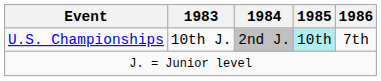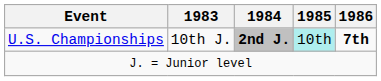 <table class="wikitable" style="text-align:center">
 <tr>
 <th>Event</th>
 <th>1983</th>
 <th>1984</th>
 <th>1985</th>
 <th>1986</th>
 </tr>
 <tr>
 <td align=left><a href='#'>U.S. Championships</a></td>
 <td>10th J.</td>
-<td bgcolor=silver>2nd  J.</td>
+<td bgcolor=silver><strong>2nd  J.</strong></td>
 <td style="background: paleturquoise;">10th</td>
-<td>7th</td>
+<td><strong>7th</strong></td>
 </tr>
 <tr>
 <td colspan=5 align=center><small> J. = Junior level </small></td>
 </tr>
 </table>
